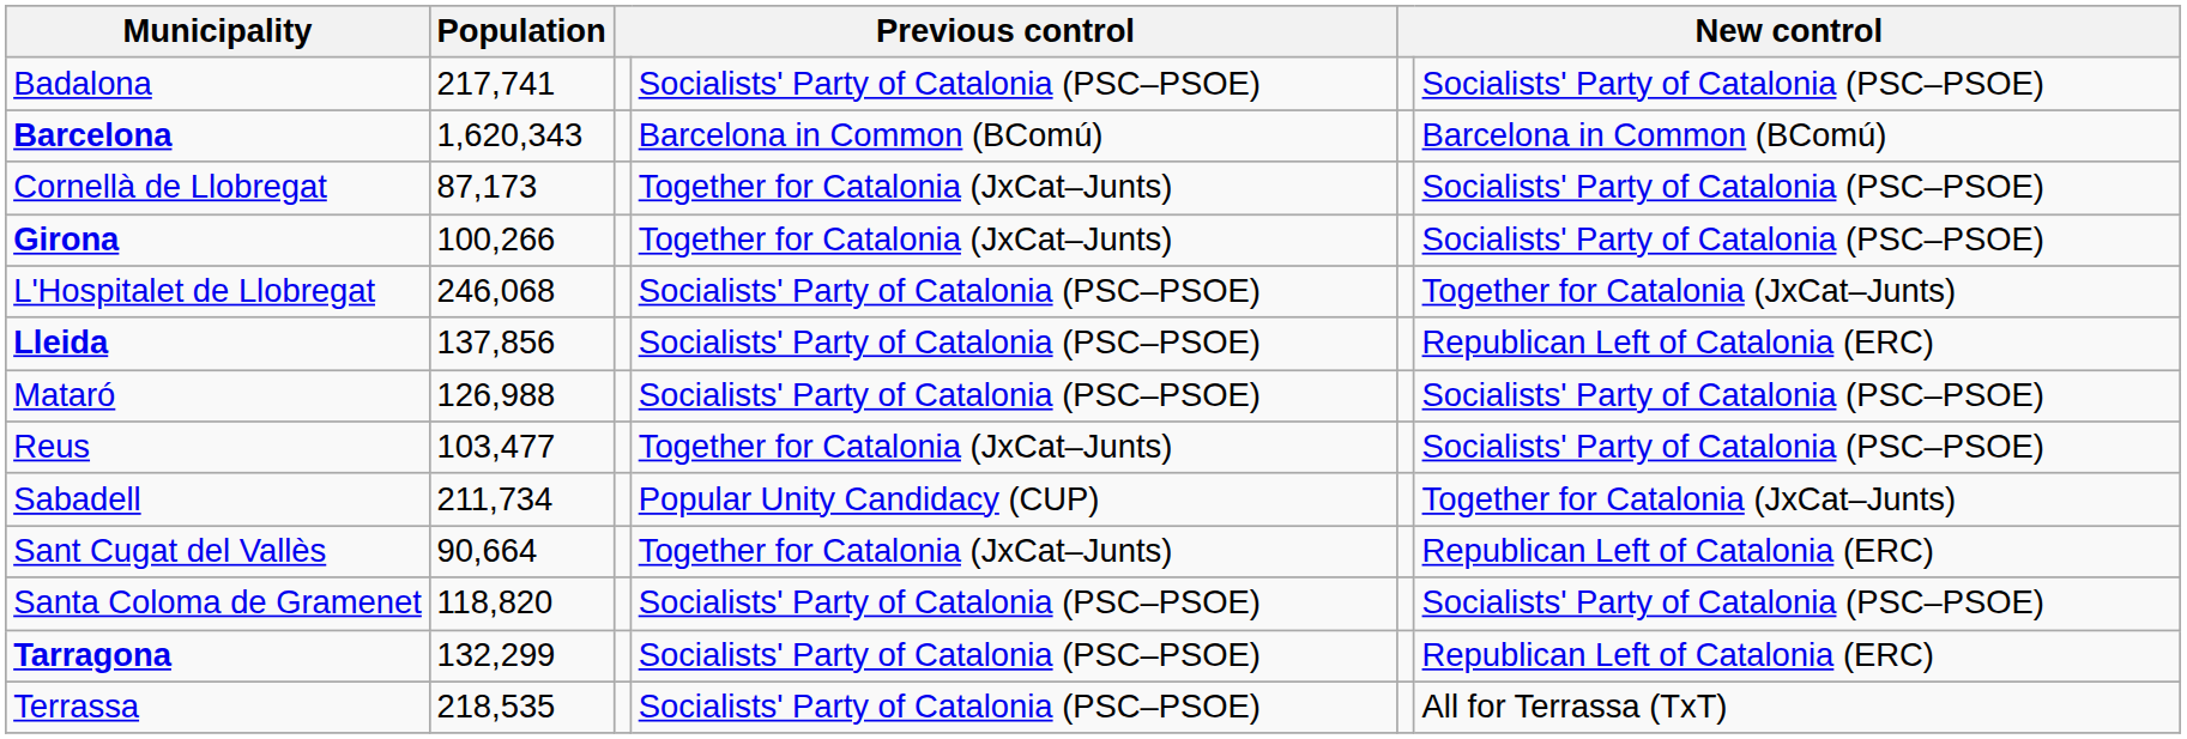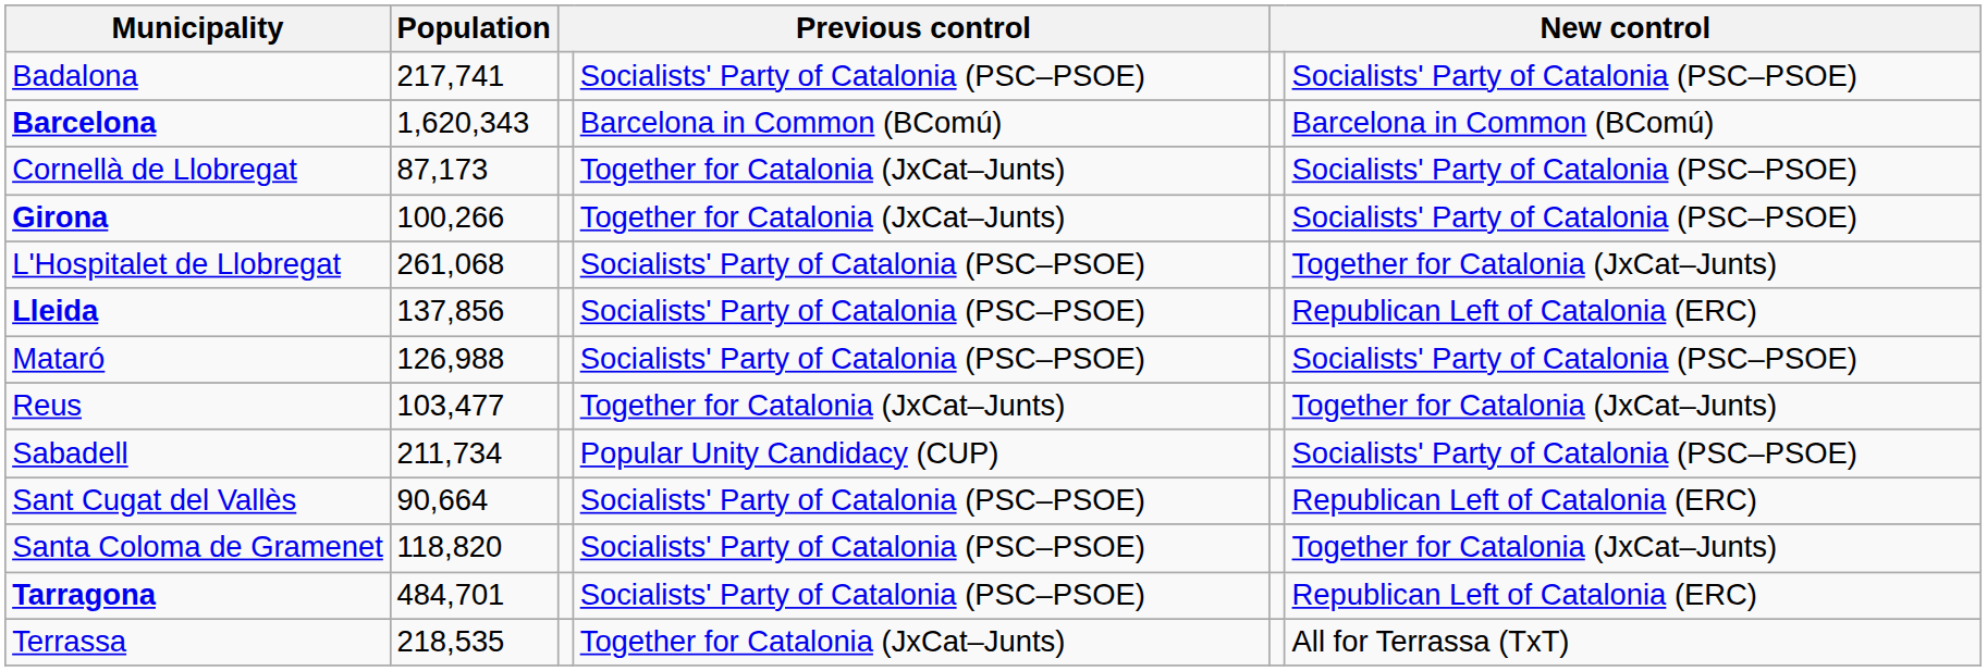 <table class="wikitable sortable">
 <tr>
 <th>Municipality</th>
 <th>Population</th>
 <th colspan="2" style="width:375px;">Previous control</th>
 <th colspan="2" style="width:375px;">New control</th>
 </tr>
 <tr>
 <td><a href='#'>Badalona</a></td>
 <td>217,741</td>
 <td width="1" style="color:inherit;background:"></td>
 <td><a href='#'>Socialists' Party of Catalonia</a> (PSC–PSOE)</td>
 <td width="1" style="color:inherit;background:"></td>
 <td><a href='#'>Socialists' Party of Catalonia</a> (PSC–PSOE) </td>
 </tr>
 <tr>
 <td><strong><a href='#'>Barcelona</a></strong></td>
 <td>1,620,343</td>
 <td style="color:inherit;background:"></td>
 <td><a href='#'>Barcelona in Common</a> (BComú)</td>
 <td style="color:inherit;background:"></td>
 <td><a href='#'>Barcelona in Common</a> (BComú)</td>
 </tr>
 <tr>
 <td><a href='#'>Cornellà de Llobregat</a></td>
 <td>87,173</td>
 <td style="color:inherit;background:"></td>
 <td><a href='#'>Together for Catalonia</a> (JxCat–Junts)</td>
 <td style="color:inherit;background:"></td>
 <td><a href='#'>Socialists' Party of Catalonia</a> (PSC–PSOE)</td>
 </tr>
 <tr>
 <td><strong><a href='#'>Girona</a></strong></td>
 <td>100,266</td>
 <td style="color:inherit;background:"></td>
 <td><a href='#'>Together for Catalonia</a> (JxCat–Junts)</td>
 <td style="color:inherit;background:"></td>
 <td><a href='#'>Socialists' Party of Catalonia</a> (PSC–PSOE)</td>
 </tr>
 <tr>
 <td><a href='#'>L'Hospitalet de Llobregat</a></td>
-<td>246,068</td>
+<td>261,068</td>
 <td style="color:inherit;background:"></td>
 <td><a href='#'>Socialists' Party of Catalonia</a> (PSC–PSOE)</td>
 <td style="color:inherit;background:"></td>
 <td><a href='#'>Together for Catalonia</a> (JxCat–Junts)</td>
 </tr>
 <tr>
 <td><strong><a href='#'>Lleida</a></strong></td>
 <td>137,856</td>
 <td style="color:inherit;background:"></td>
 <td><a href='#'>Socialists' Party of Catalonia</a> (PSC–PSOE)</td>
 <td style="color:inherit;background:"></td>
 <td><a href='#'>Republican Left of Catalonia</a> (ERC)</td>
 </tr>
 <tr>
 <td><a href='#'>Mataró</a></td>
 <td>126,988</td>
 <td style="color:inherit;background:"></td>
 <td><a href='#'>Socialists' Party of Catalonia</a> (PSC–PSOE)</td>
 <td style="color:inherit;background:"></td>
 <td><a href='#'>Socialists' Party of Catalonia</a> (PSC–PSOE)</td>
 </tr>
 <tr>
 <td><a href='#'>Reus</a></td>
 <td>103,477</td>
 <td style="color:inherit;background:"></td>
 <td><a href='#'>Together for Catalonia</a> (JxCat–Junts)</td>
 <td style="color:inherit;background:"></td>
-<td><a href='#'>Socialists' Party of Catalonia</a> (PSC–PSOE)</td>
+<td><a href='#'>Together for Catalonia</a> (JxCat–Junts)</td>
 </tr>
 <tr>
 <td><a href='#'>Sabadell</a></td>
 <td>211,734</td>
 <td style="color:inherit;background:"></td>
 <td><a href='#'>Popular Unity Candidacy</a> (CUP)</td>
 <td style="color:inherit;background:"></td>
-<td><a href='#'>Together for Catalonia</a> (JxCat–Junts)</td>
+<td><a href='#'>Socialists' Party of Catalonia</a> (PSC–PSOE)</td>
 </tr>
 <tr>
 <td><a href='#'>Sant Cugat del Vallès</a></td>
 <td>90,664</td>
 <td style="color:inherit;background:"></td>
-<td><a href='#'>Together for Catalonia</a> (JxCat–Junts)</td>
+<td><a href='#'>Socialists' Party of Catalonia</a> (PSC–PSOE)</td>
 <td style="color:inherit;background:"></td>
 <td><a href='#'>Republican Left of Catalonia</a> (ERC)</td>
 </tr>
 <tr>
 <td><a href='#'>Santa Coloma de Gramenet</a></td>
 <td>118,820</td>
 <td style="color:inherit;background:"></td>
 <td><a href='#'>Socialists' Party of Catalonia</a> (PSC–PSOE)</td>
 <td style="color:inherit;background:"></td>
-<td><a href='#'>Socialists' Party of Catalonia</a> (PSC–PSOE)</td>
+<td><a href='#'>Together for Catalonia</a> (JxCat–Junts)</td>
 </tr>
 <tr>
 <td><strong><a href='#'>Tarragona</a></strong></td>
-<td>132,299</td>
+<td>484,701</td>
 <td style="color:inherit;background:"></td>
 <td><a href='#'>Socialists' Party of Catalonia</a> (PSC–PSOE)</td>
 <td style="color:inherit;background:"></td>
 <td><a href='#'>Republican Left of Catalonia</a> (ERC)</td>
 </tr>
 <tr>
 <td><a href='#'>Terrassa</a></td>
 <td>218,535</td>
 <td style="color:inherit;background:"></td>
-<td><a href='#'>Socialists' Party of Catalonia</a> (PSC–PSOE)</td>
+<td><a href='#'>Together for Catalonia</a> (JxCat–Junts)</td>
 <td style="color:inherit;background:"></td>
 <td>All for Terrassa (TxT)</td>
 </tr>
 </table>
